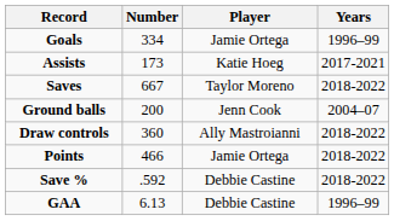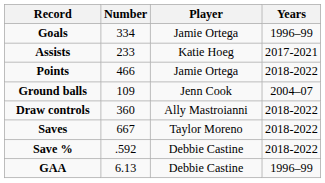 <table class="wikitable">
 <tr>
 <th style="width:120px; ">Record</th>
 <th style="width:35px; ">Number</th>
 <th style="width:140px; ">Player</th>
 <th style="width:70px; ">Years</th>
 </tr>
 <tr style="text-align:center;">
 <td><strong>Goals</strong></td>
 <td>334</td>
 <td>Jamie Ortega</td>
 <td>1996–99</td>
 </tr>
 <tr style="text-align:center;">
 <td><strong>Assists</strong></td>
-<td>173</td>
+<td>233</td>
 <td>Katie Hoeg</td>
 <td>2017-2021</td>
 </tr>
 <tr style="text-align:center;">
-<td><strong>Saves</strong></td>
-<td>667</td>
-<td>Taylor Moreno</td>
+<td><strong>Points</strong></td>
+<td>466</td>
+<td>Jamie Ortega</td>
 <td>2018-2022</td>
 </tr>
 <tr style="text-align:center;">
 <td><strong>Ground balls</strong></td>
-<td>200</td>
+<td>109</td>
 <td>Jenn Cook</td>
 <td>2004–07</td>
 </tr>
 <tr style="text-align:center;">
 <td><strong>Draw controls</strong></td>
 <td>360</td>
 <td>Ally Mastroianni</td>
 <td>2018-2022</td>
 </tr>
 <tr style="text-align:center;">
-<td><strong>Points</strong></td>
-<td>466</td>
-<td>Jamie Ortega</td>
+<td><strong>Saves</strong></td>
+<td>667</td>
+<td>Taylor Moreno</td>
 <td>2018-2022</td>
 </tr>
 <tr style="text-align:center;">
 <td><strong>Save %</strong></td>
 <td>.592</td>
 <td>Debbie Castine</td>
 <td>2018-2022</td>
 </tr>
 <tr style="text-align:center;">
 <td><strong>GAA</strong></td>
 <td>6.13</td>
 <td>Debbie Castine</td>
 <td>1996–99</td>
 </tr>
 </table>
